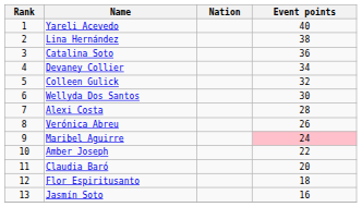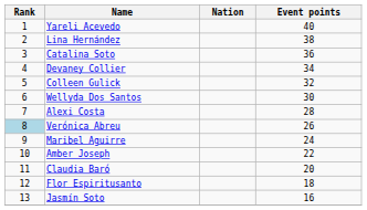 <table class="wikitable sortable" style="text-align:center" width=60%>
 <tr>
 <th>Rank</th>
 <th>Name</th>
 <th>Nation</th>
 <th>Event points</th>
 </tr>
 <tr>
 <td>1</td>
 <td align=left><a href='#'>Yareli Acevedo</a></td>
 <td align=left></td>
 <td>40</td>
 </tr>
 <tr>
 <td>2</td>
 <td align=left><a href='#'>Lina Hernández</a></td>
 <td align=left></td>
 <td>38</td>
 </tr>
 <tr>
 <td>3</td>
 <td align=left><a href='#'>Catalina Soto</a></td>
 <td align=left></td>
 <td>36</td>
 </tr>
 <tr>
 <td>4</td>
 <td align=left><a href='#'>Devaney Collier</a></td>
 <td align=left></td>
 <td>34</td>
 </tr>
 <tr>
 <td>5</td>
 <td align=left><a href='#'>Colleen Gulick</a></td>
 <td align=left></td>
 <td>32</td>
 </tr>
 <tr>
 <td>6</td>
 <td align=left><a href='#'>Wellyda Dos Santos</a></td>
 <td align=left></td>
 <td>30</td>
 </tr>
 <tr>
 <td>7</td>
 <td align=left><a href='#'>Alexi Costa</a></td>
 <td align=left></td>
 <td>28</td>
 </tr>
 <tr>
-<td>8</td>
+<td style="background: lightblue;">8</td>
 <td align=left><a href='#'>Verónica Abreu</a></td>
 <td align=left></td>
 <td>26</td>
 </tr>
 <tr>
 <td>9</td>
 <td align=left><a href='#'>Maribel Aguirre</a></td>
 <td align=left></td>
-<td style="background: pink;">24</td>
+<td>24</td>
 </tr>
 <tr>
 <td>10</td>
 <td align=left><a href='#'>Amber Joseph</a></td>
 <td align=left></td>
 <td>22</td>
 </tr>
 <tr>
 <td>11</td>
 <td align=left><a href='#'>Claudia Baró</a></td>
 <td align=left></td>
 <td>20</td>
 </tr>
 <tr>
 <td>12</td>
 <td align=left><a href='#'>Flor Espiritusanto</a></td>
 <td align=left></td>
 <td>18</td>
 </tr>
 <tr>
 <td>13</td>
 <td align=left><a href='#'>Jasmín Soto</a></td>
 <td align=left></td>
 <td>16</td>
 </tr>
 <tr>
 </tr>
 </table>
